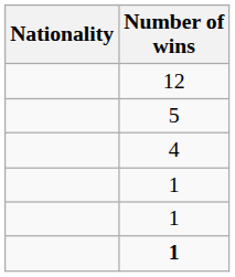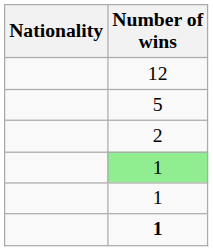 <table class="wikitable">
 <tr>
 <th>Nationality</th>
 <th>Number of<br>wins</th>
 </tr>
 <tr>
 <td></td>
 <td align=center>12</td>
 </tr>
 <tr>
 <td></td>
 <td align=center>5</td>
 </tr>
 <tr>
 <td></td>
-<td align=center>4</td>
+<td align=center>2</td>
 </tr>
 <tr>
 <td></td>
-<td align=center>1</td>
+<td align=center style="background: lightgreen;">1</td>
 </tr>
 <tr>
 <td></td>
 <td align=center>1</td>
 </tr>
 <tr>
 <td></td>
 <td align=center><strong>1</strong></td>
 </tr>
 </table>
